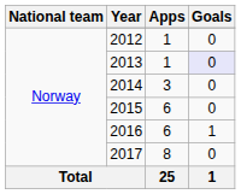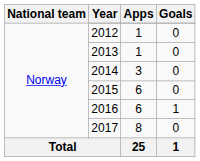 <table class="wikitable" style="text-align:center">
 <tr>
 <th>National team</th>
 <th>Year</th>
 <th>Apps</th>
 <th>Goals</th>
 </tr>
 <tr>
 <td rowspan="7"><a href='#'>Norway</a></td>
 </tr>
 <tr>
 <td>2012</td>
 <td>1</td>
 <td>0</td>
 </tr>
 <tr>
 <td>2013</td>
 <td>1</td>
-<td style="background: lavender;">0</td>
+<td>0</td>
 </tr>
 <tr>
 <td>2014</td>
 <td>3</td>
 <td>0</td>
 </tr>
 <tr>
 <td>2015</td>
 <td>6</td>
 <td>0</td>
 </tr>
 <tr>
 <td>2016</td>
 <td>6</td>
 <td>1</td>
 </tr>
 <tr>
 <td>2017</td>
 <td>8</td>
 <td>0</td>
 </tr>
 <tr>
 <th colspan="2">Total</th>
 <th>25</th>
 <th>1</th>
 </tr>
 </table>
